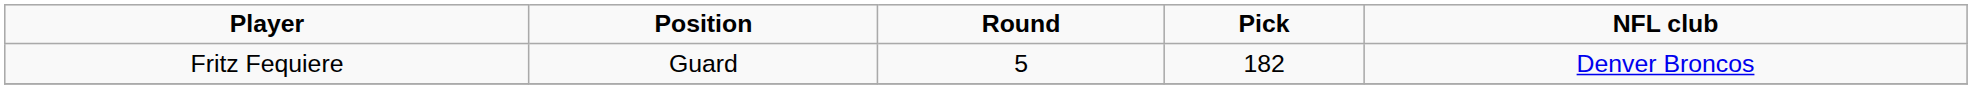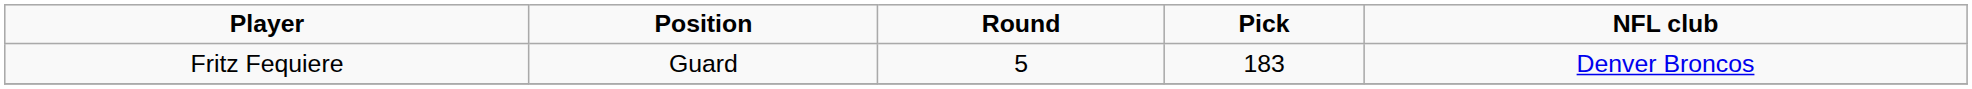 <table class="wikitable" width="80%">
 <tr align="center">
 <td><strong>Player</strong></td>
 <td><strong>Position</strong></td>
 <td><strong>Round</strong></td>
 <td><strong>Pick</strong></td>
 <td><strong>NFL club</strong></td>
 </tr>
 <tr align="center" bgcolor="">
 <td>Fritz Fequiere</td>
 <td>Guard</td>
 <td>5</td>
-<td>182</td>
+<td>183</td>
 <td><a href='#'>Denver Broncos</a></td>
 </tr>
 <tr align="center" bgcolor="">
 </tr>
 </table>
